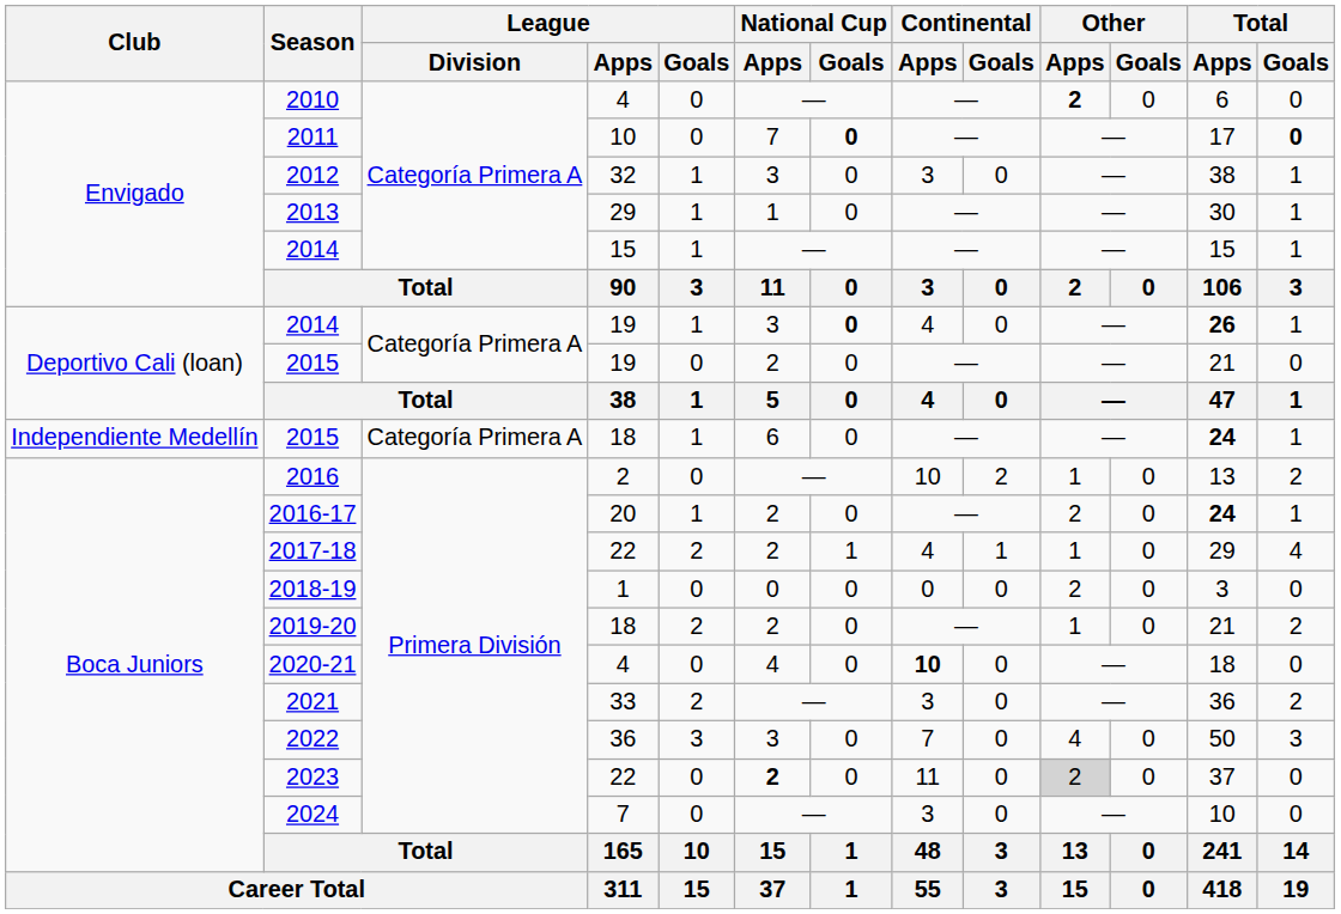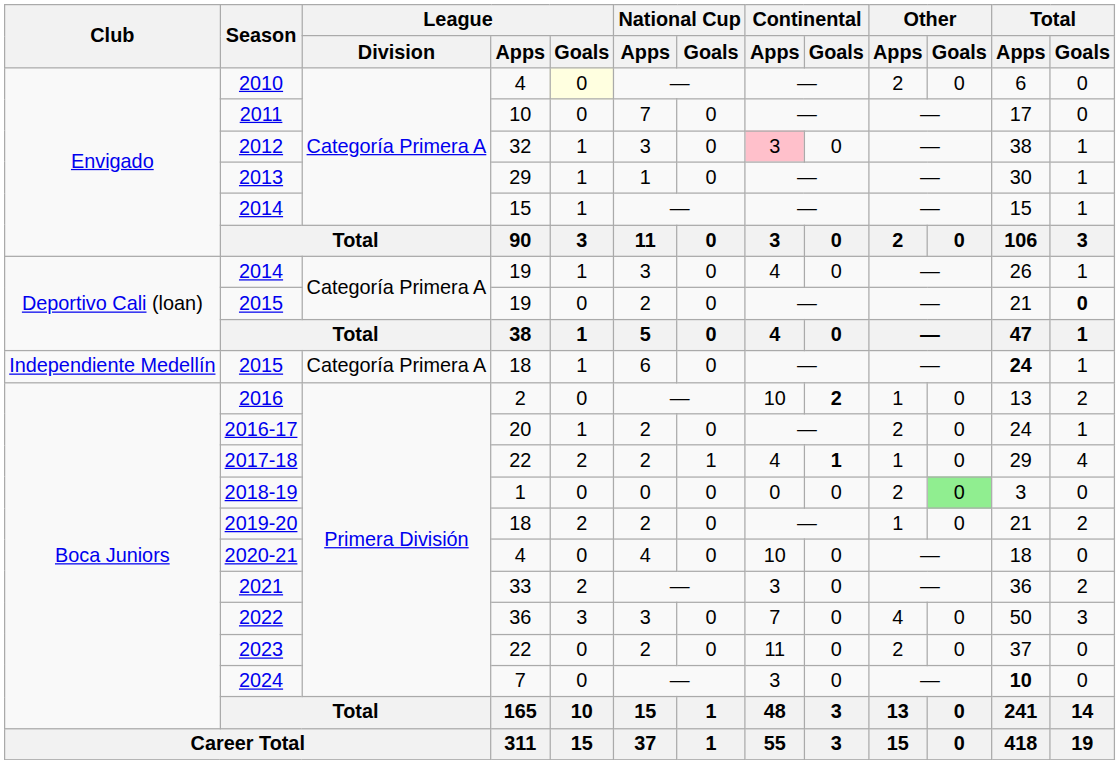 <table class="wikitable" border="1" style="text-align: center;">
 <tr>
 <th rowspan="2">Club</th>
 <th rowspan="2">Season</th>
 <th colspan="3">League</th>
 <th colspan="2">National Cup</th>
 <th colspan="2">Continental</th>
 <th colspan="2">Other</th>
 <th colspan="2">Total</th>
 </tr>
 <tr>
 <th>Division</th>
 <th>Apps</th>
 <th>Goals</th>
 <th>Apps</th>
 <th>Goals</th>
 <th>Apps</th>
 <th>Goals</th>
 <th>Apps</th>
 <th>Goals</th>
 <th>Apps</th>
 <th>Goals</th>
 </tr>
 <tr>
 <td rowspan="6"><a href='#'>Envigado</a></td>
 <td><a href='#'>2010</a></td>
 <td rowspan="5"><a href='#'>Categoría Primera A</a></td>
 <td>4</td>
-<td>0</td>
+<td style="background: lightyellow;">0</td>
 <td colspan="2">—</td>
 <td colspan="2">—</td>
-<td><strong>2</strong></td>
+<td>2</td>
 <td>0</td>
 <td>6</td>
 <td>0</td>
 </tr>
 <tr>
 <td><a href='#'>2011</a></td>
 <td>10</td>
 <td>0</td>
 <td>7</td>
-<td><strong>0</strong></td>
+<td>0</td>
 <td colspan="2">—</td>
 <td colspan="2">—</td>
 <td>17</td>
-<td><strong>0</strong></td>
+<td>0</td>
 </tr>
 <tr>
 <td><a href='#'>2012</a></td>
 <td>32</td>
 <td>1</td>
 <td>3</td>
 <td>0</td>
-<td>3</td>
+<td style="background: pink;">3</td>
 <td>0</td>
 <td colspan="2">—</td>
 <td>38</td>
 <td>1</td>
 </tr>
 <tr>
 <td><a href='#'>2013</a></td>
 <td>29</td>
 <td>1</td>
 <td>1</td>
 <td>0</td>
 <td colspan="2">—</td>
 <td colspan="2">—</td>
 <td>30</td>
 <td>1</td>
 </tr>
 <tr>
 <td><a href='#'>2014</a></td>
 <td>15</td>
 <td>1</td>
 <td colspan="2">—</td>
 <td colspan="2">—</td>
 <td colspan="2">—</td>
 <td>15</td>
 <td>1</td>
 </tr>
 <tr>
 <th colspan="2">Total</th>
 <th>90</th>
 <th>3</th>
 <th>11</th>
 <th>0</th>
 <th>3</th>
 <th>0</th>
 <th>2</th>
 <th>0</th>
 <th>106</th>
 <th>3</th>
 </tr>
 <tr>
 <td rowspan="3"><a href='#'>Deportivo Cali</a> (loan)</td>
 <td><a href='#'>2014</a></td>
 <td rowspan="2">Categoría Primera A</td>
 <td>19</td>
 <td>1</td>
 <td>3</td>
-<td><strong>0</strong></td>
+<td>0</td>
 <td>4</td>
 <td>0</td>
 <td colspan="2">—</td>
-<td><strong>26</strong></td>
+<td>26</td>
 <td>1</td>
 </tr>
 <tr>
 <td><a href='#'>2015</a></td>
 <td>19</td>
 <td>0</td>
 <td>2</td>
 <td>0</td>
 <td colspan="2">—</td>
 <td colspan="2">—</td>
 <td>21</td>
-<td>0</td>
+<td><strong>0</strong></td>
 </tr>
 <tr>
 <th colspan="2">Total</th>
 <th>38</th>
 <th>1</th>
 <th>5</th>
 <th>0</th>
 <th>4</th>
 <th>0</th>
 <th colspan="2">—</th>
 <th>47</th>
 <th>1</th>
 </tr>
 <tr>
 <td><a href='#'>Independiente Medellín</a></td>
 <td><a href='#'>2015</a></td>
 <td>Categoría Primera A</td>
 <td>18</td>
 <td>1</td>
 <td>6</td>
 <td>0</td>
 <td colspan="2">—</td>
 <td colspan="2">—</td>
 <td><strong>24</strong></td>
 <td>1</td>
 </tr>
 <tr>
 <td rowspan="11"><a href='#'>Boca Juniors</a></td>
 <td><a href='#'>2016</a></td>
 <td rowspan="10"><a href='#'>Primera División</a></td>
 <td>2</td>
 <td>0</td>
 <td colspan="2">—</td>
 <td>10</td>
-<td>2</td>
+<td><strong>2</strong></td>
 <td>1</td>
 <td>0</td>
 <td>13</td>
 <td>2</td>
 </tr>
 <tr>
 <td><a href='#'>2016-17</a></td>
 <td>20</td>
 <td>1</td>
 <td>2</td>
 <td>0</td>
 <td colspan="2">—</td>
 <td>2</td>
 <td>0</td>
-<td><strong>24</strong></td>
+<td>24</td>
 <td>1</td>
 </tr>
 <tr>
 <td><a href='#'>2017-18</a></td>
 <td>22</td>
 <td>2</td>
 <td>2</td>
 <td>1</td>
 <td>4</td>
-<td>1</td>
+<td><strong>1</strong></td>
 <td>1</td>
 <td>0</td>
 <td>29</td>
 <td>4</td>
 </tr>
 <tr>
 <td><a href='#'>2018-19</a></td>
 <td>1</td>
 <td>0</td>
 <td>0</td>
 <td>0</td>
 <td>0</td>
 <td>0</td>
 <td>2</td>
-<td>0</td>
+<td style="background: lightgreen;">0</td>
 <td>3</td>
 <td>0</td>
 </tr>
 <tr>
 <td><a href='#'>2019-20</a></td>
 <td>18</td>
 <td>2</td>
 <td>2</td>
 <td>0</td>
 <td colspan="2">—</td>
 <td>1</td>
 <td>0</td>
 <td>21</td>
 <td>2</td>
 </tr>
 <tr>
 <td><a href='#'>2020-21</a></td>
 <td>4</td>
 <td>0</td>
 <td>4</td>
 <td>0</td>
-<td><strong>10</strong></td>
+<td>10</td>
 <td>0</td>
 <td colspan="2">—</td>
 <td>18</td>
 <td>0</td>
 </tr>
 <tr>
 <td><a href='#'>2021</a></td>
 <td>33</td>
 <td>2</td>
 <td colspan="2">—</td>
 <td>3</td>
 <td>0</td>
 <td colspan="2">—</td>
 <td>36</td>
 <td>2</td>
 </tr>
 <tr>
 <td><a href='#'>2022</a></td>
 <td>36</td>
 <td>3</td>
 <td>3</td>
 <td>0</td>
 <td>7</td>
 <td>0</td>
 <td>4</td>
 <td>0</td>
 <td>50</td>
 <td>3</td>
 </tr>
 <tr>
 <td><a href='#'>2023</a></td>
 <td>22</td>
 <td>0</td>
-<td><strong>2</strong></td>
+<td>2</td>
 <td>0</td>
 <td>11</td>
 <td>0</td>
-<td style="background: lightgrey;">2</td>
+<td>2</td>
 <td>0</td>
 <td>37</td>
 <td>0</td>
 </tr>
 <tr>
 <td><a href='#'>2024</a></td>
 <td>7</td>
 <td>0</td>
 <td colspan="2">—</td>
 <td>3</td>
 <td>0</td>
 <td colspan="2">—</td>
-<td>10</td>
+<td><strong>10</strong></td>
 <td>0</td>
 </tr>
 <tr>
 <th colspan="2">Total</th>
 <th>165</th>
 <th>10</th>
 <th>15</th>
 <th>1</th>
 <th>48</th>
 <th>3</th>
 <th>13</th>
 <th>0</th>
 <th>241</th>
 <th>14</th>
 </tr>
 <tr>
 <th colspan="3">Career Total</th>
 <th>311</th>
 <th>15</th>
 <th>37</th>
 <th>1</th>
 <th>55</th>
 <th>3</th>
 <th>15</th>
 <th>0</th>
 <th>418</th>
 <th>19</th>
 </tr>
 </table>
